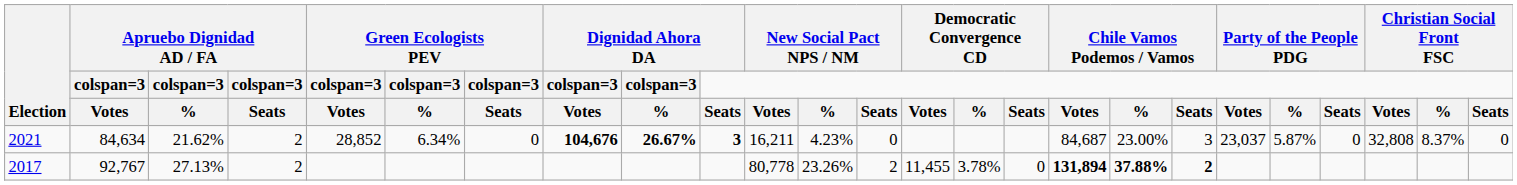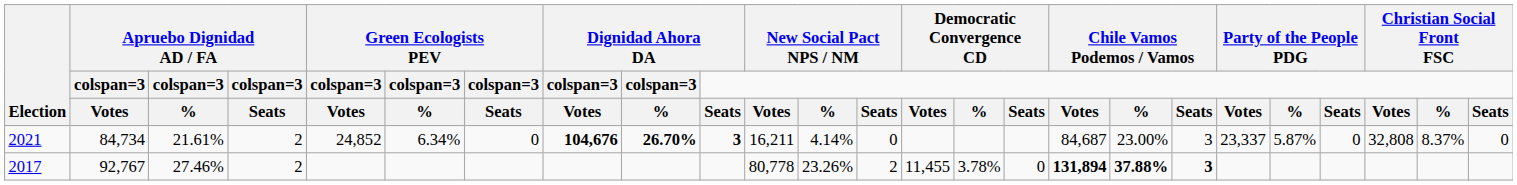 <table class="wikitable" border="1" style="font-size:95%; text-align:right;">
 <tr>
 <th style="text-align:left;" valign=bottom rowspan=3>Election</th>
 <th valign=bottom colspan=3><a href='#'>Apruebo Dignidad</a><br>AD / FA</th>
 <th valign=bottom colspan=3><a href='#'>Green Ecologists</a><br>PEV</th>
 <th valign=bottom colspan=3><a href='#'>Dignidad Ahora</a><br>DA</th>
 <th valign=bottom colspan=3><a href='#'>New Social Pact</a><br>NPS / NM</th>
 <th valign=bottom colspan=3>Democratic<br>Convergence<br>CD</th>
 <th valign=bottom colspan=3><a href='#'>Chile Vamos</a><br>Podemos / Vamos</th>
 <th valign=bottom colspan=3><a href='#'>Party of the People</a><br>PDG</th>
 <th valign=bottom colspan=3><a href='#'>Christian Social Front</a><br>FSC</th>
 </tr>
 <tr>
 <th>colspan=3 </th>
 <th>colspan=3 </th>
 <th>colspan=3 </th>
 <th>colspan=3 </th>
 <th>colspan=3 </th>
 <th>colspan=3 </th>
 <th>colspan=3 </th>
 <th>colspan=3 </th>
 </tr>
 <tr>
 <th>Votes</th>
 <th>%</th>
 <th>Seats</th>
 <th>Votes</th>
 <th>%</th>
 <th>Seats</th>
 <th>Votes</th>
 <th>%</th>
 <th>Seats</th>
 <th>Votes</th>
 <th>%</th>
 <th>Seats</th>
 <th>Votes</th>
 <th>%</th>
 <th>Seats</th>
 <th>Votes</th>
 <th>%</th>
 <th>Seats</th>
 <th>Votes</th>
 <th>%</th>
 <th>Seats</th>
 <th>Votes</th>
 <th>%</th>
 <th>Seats</th>
 </tr>
 <tr>
 <td align=left><a href='#'>2021</a></td>
-<td>84,634</td>
-<td>21.62%</td>
+<td>84,734</td>
+<td>21.61%</td>
 <td>2</td>
-<td>28,852</td>
+<td>24,852</td>
 <td>6.34%</td>
 <td>0</td>
 <td><strong>104,676</strong></td>
-<td><strong>26.67%</strong></td>
+<td><strong>26.70%</strong></td>
 <td><strong>3</strong></td>
 <td>16,211</td>
-<td>4.23%</td>
+<td>4.14%</td>
 <td>0</td>
 <td></td>
 <td></td>
 <td></td>
 <td>84,687</td>
 <td>23.00%</td>
 <td>3</td>
-<td>23,037</td>
+<td>23,337</td>
 <td>5.87%</td>
 <td>0</td>
 <td>32,808</td>
 <td>8.37%</td>
 <td>0</td>
 </tr>
 <tr>
 <td align=left><a href='#'>2017</a></td>
 <td>92,767</td>
-<td>27.13%</td>
+<td>27.46%</td>
 <td>2</td>
 <td></td>
 <td></td>
 <td></td>
 <td></td>
 <td></td>
 <td></td>
 <td>80,778</td>
 <td>23.26%</td>
 <td>2</td>
 <td>11,455</td>
 <td>3.78%</td>
 <td>0</td>
 <td><strong>131,894</strong></td>
 <td><strong>37.88%</strong></td>
-<td><strong>2</strong></td>
+<td><strong>3</strong></td>
 <td></td>
 <td></td>
 <td></td>
 <td></td>
 <td></td>
 <td></td>
 </tr>
 </table>
